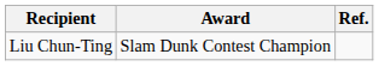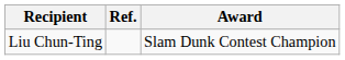 <table class="wikitable">
 <tr>
 <th>Recipient</th>
+<th>Ref.</th>
 <th>Award</th>
-<th>Ref.</th>
 </tr>
 <tr>
 <td>Liu Chun-Ting</td>
+<td></td>
 <td>Slam Dunk Contest Champion</td>
-<td></td>
 </tr>
 </table>
